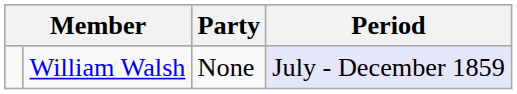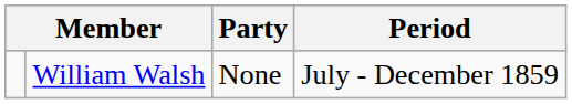 <table class="wikitable">
 <tr>
 <th colspan="2">Member</th>
 <th>Party</th>
 <th>Period</th>
 </tr>
 <tr>
 <td> </td>
 <td><a href='#'>William Walsh</a></td>
 <td>None</td>
-<td style="background: lavender;">July - December 1859</td>
+<td>July - December 1859</td>
 </tr>
 </table>
